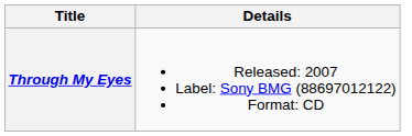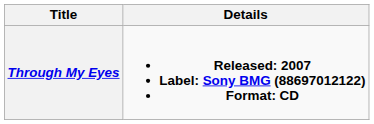 <table class="wikitable plainrowheaders" style="text-align:center;" border="1">
 <tr>
 <th>Title</th>
 <th>Details</th>
 </tr>
 <tr>
 <th scope="row"><em><a href='#'>Through My Eyes</a></em></th>
-<td><br><ul><li>Released: 2007</li><li>Label: <a href='#'>Sony BMG</a> (88697012122)</li><li>Format: CD</li></ul></td>
+<td><strong><br><ul><li>Released: 2007</li><li>Label: <a href='#'>Sony BMG</a> (88697012122)</li><li>Format: CD</li></ul></strong></td>
 </tr>
 </table>
